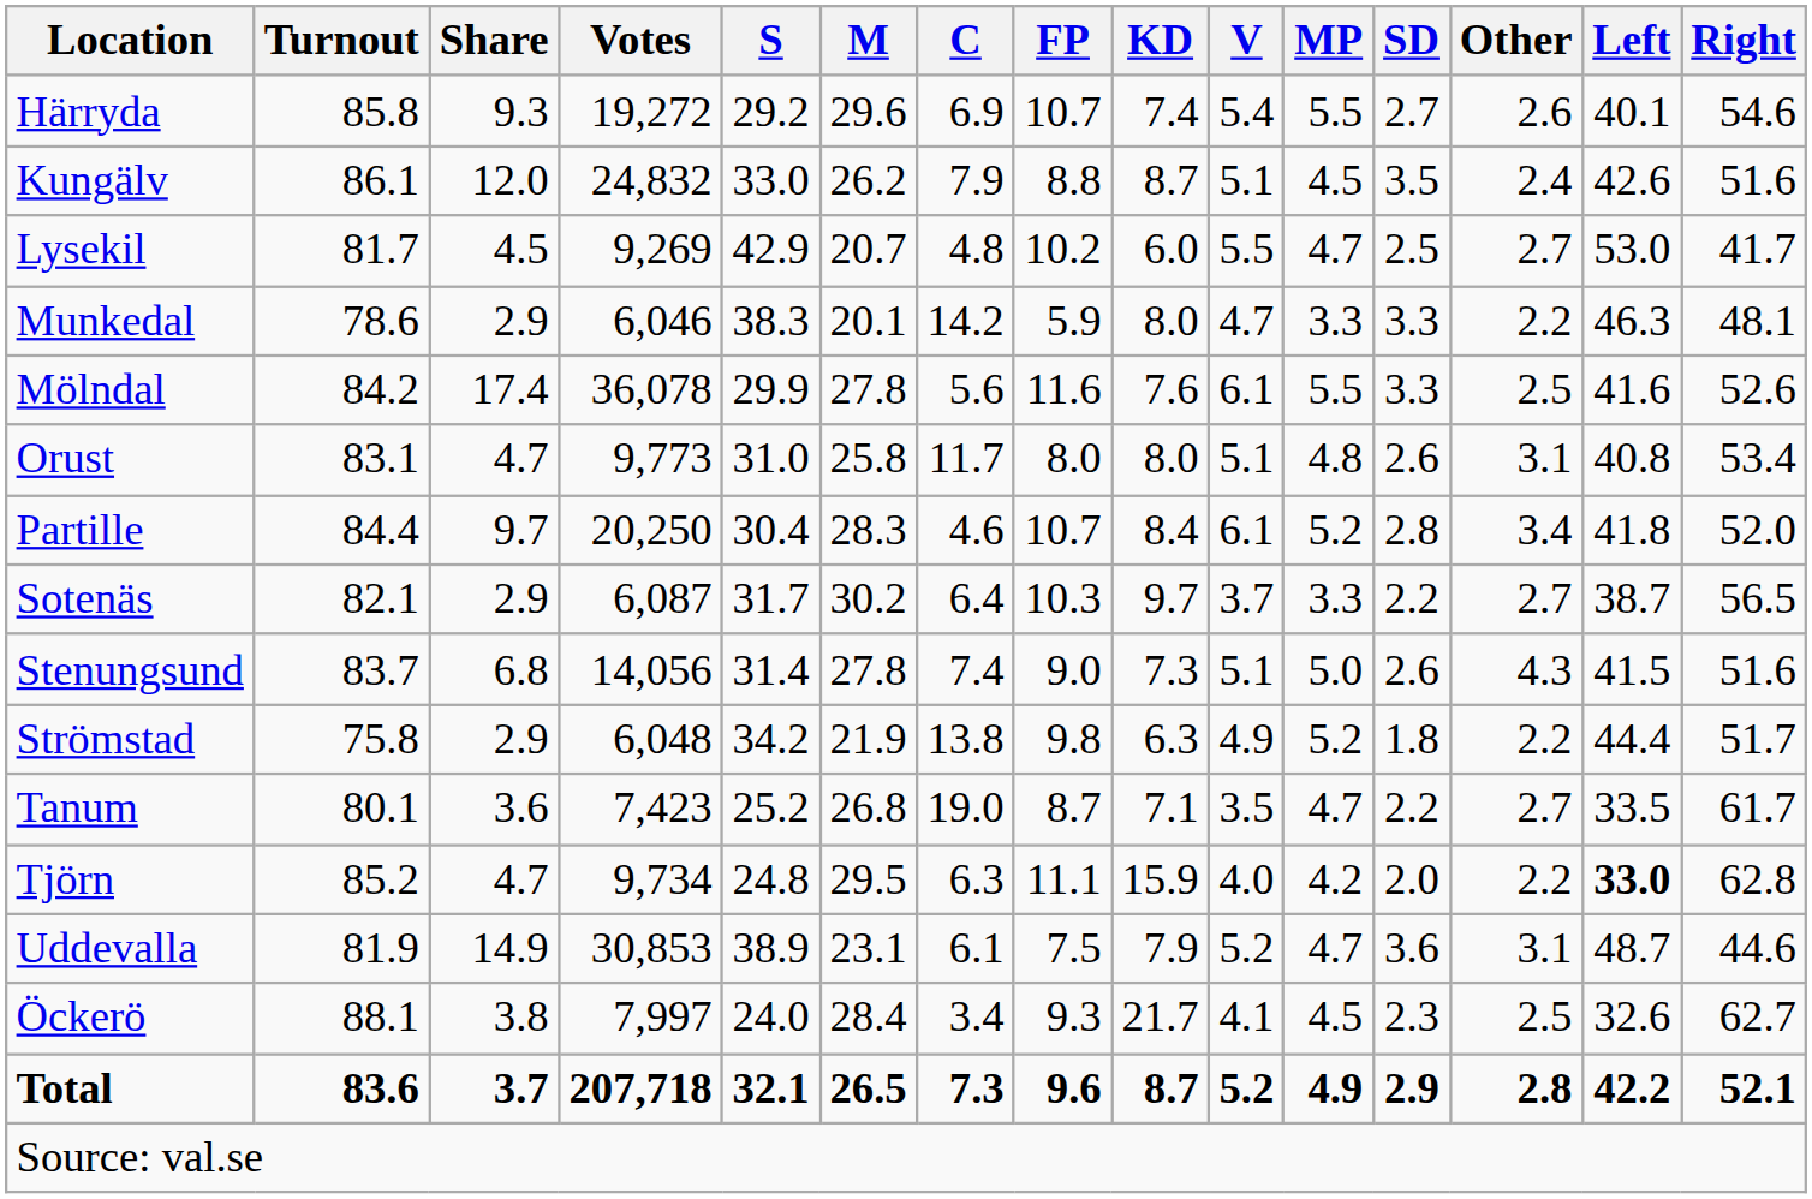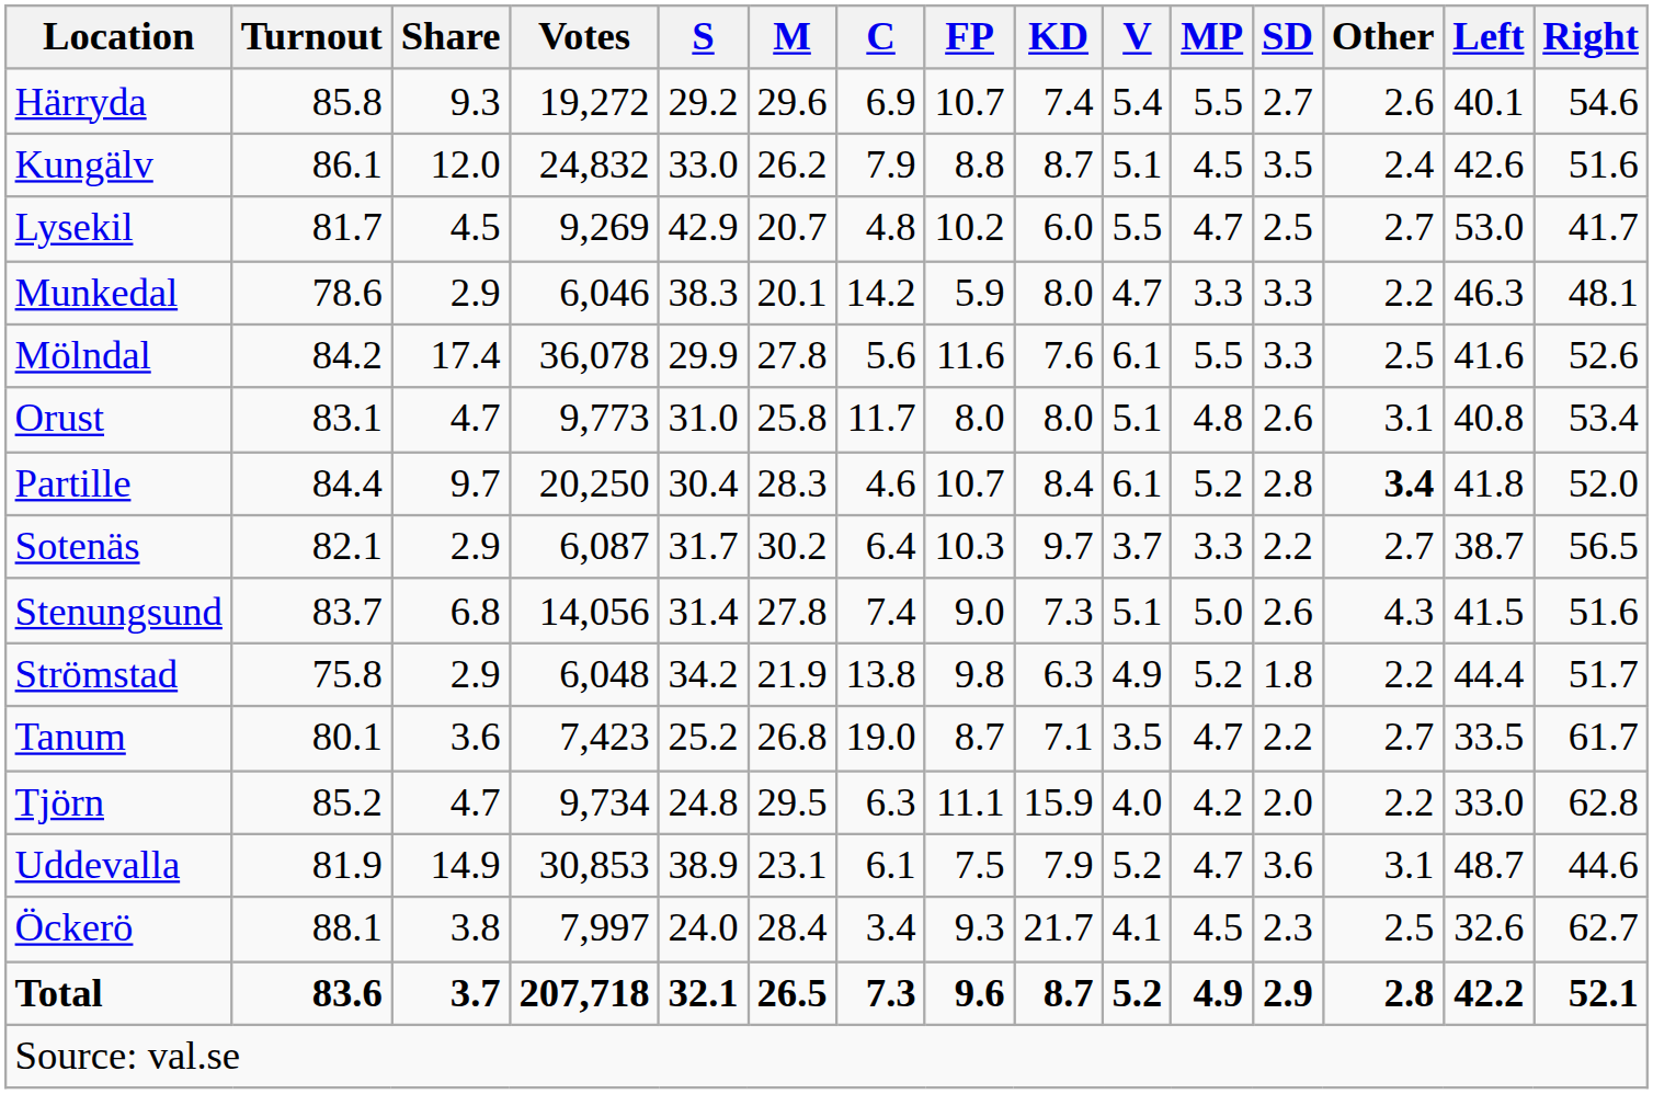 <table class="wikitable sortable" style=text-align:right>
 <tr>
 <th>Location</th>
 <th>Turnout</th>
 <th>Share</th>
 <th>Votes</th>
 <th><a href='#'>S</a></th>
 <th><a href='#'>M</a></th>
 <th><a href='#'>C</a></th>
 <th><a href='#'>FP</a></th>
 <th><a href='#'>KD</a></th>
 <th><a href='#'>V</a></th>
 <th><a href='#'>MP</a></th>
 <th><a href='#'>SD</a></th>
 <th>Other</th>
 <th><a href='#'>Left</a></th>
 <th><a href='#'>Right</a></th>
 </tr>
 <tr>
 <td align=left><a href='#'>Härryda</a></td>
 <td>85.8</td>
 <td>9.3</td>
 <td>19,272</td>
 <td>29.2</td>
 <td>29.6</td>
 <td>6.9</td>
 <td>10.7</td>
 <td>7.4</td>
 <td>5.4</td>
 <td>5.5</td>
 <td>2.7</td>
 <td>2.6</td>
 <td>40.1</td>
 <td>54.6</td>
 </tr>
 <tr>
 <td align=left><a href='#'>Kungälv</a></td>
 <td>86.1</td>
 <td>12.0</td>
 <td>24,832</td>
 <td>33.0</td>
 <td>26.2</td>
 <td>7.9</td>
 <td>8.8</td>
 <td>8.7</td>
 <td>5.1</td>
 <td>4.5</td>
 <td>3.5</td>
 <td>2.4</td>
 <td>42.6</td>
 <td>51.6</td>
 </tr>
 <tr>
 <td align=left><a href='#'>Lysekil</a></td>
 <td>81.7</td>
 <td>4.5</td>
 <td>9,269</td>
 <td>42.9</td>
 <td>20.7</td>
 <td>4.8</td>
 <td>10.2</td>
 <td>6.0</td>
 <td>5.5</td>
 <td>4.7</td>
 <td>2.5</td>
 <td>2.7</td>
 <td>53.0</td>
 <td>41.7</td>
 </tr>
 <tr>
 <td align=left><a href='#'>Munkedal</a></td>
 <td>78.6</td>
 <td>2.9</td>
 <td>6,046</td>
 <td>38.3</td>
 <td>20.1</td>
 <td>14.2</td>
 <td>5.9</td>
 <td>8.0</td>
 <td>4.7</td>
 <td>3.3</td>
 <td>3.3</td>
 <td>2.2</td>
 <td>46.3</td>
 <td>48.1</td>
 </tr>
 <tr>
 <td align=left><a href='#'>Mölndal</a></td>
 <td>84.2</td>
 <td>17.4</td>
 <td>36,078</td>
 <td>29.9</td>
 <td>27.8</td>
 <td>5.6</td>
 <td>11.6</td>
 <td>7.6</td>
 <td>6.1</td>
 <td>5.5</td>
 <td>3.3</td>
 <td>2.5</td>
 <td>41.6</td>
 <td>52.6</td>
 </tr>
 <tr>
 <td align=left><a href='#'>Orust</a></td>
 <td>83.1</td>
 <td>4.7</td>
 <td>9,773</td>
 <td>31.0</td>
 <td>25.8</td>
 <td>11.7</td>
 <td>8.0</td>
 <td>8.0</td>
 <td>5.1</td>
 <td>4.8</td>
 <td>2.6</td>
 <td>3.1</td>
 <td>40.8</td>
 <td>53.4</td>
 </tr>
 <tr>
 <td align=left><a href='#'>Partille</a></td>
 <td>84.4</td>
 <td>9.7</td>
 <td>20,250</td>
 <td>30.4</td>
 <td>28.3</td>
 <td>4.6</td>
 <td>10.7</td>
 <td>8.4</td>
 <td>6.1</td>
 <td>5.2</td>
 <td>2.8</td>
-<td>3.4</td>
+<td><strong>3.4</strong></td>
 <td>41.8</td>
 <td>52.0</td>
 </tr>
 <tr>
 <td align=left><a href='#'>Sotenäs</a></td>
 <td>82.1</td>
 <td>2.9</td>
 <td>6,087</td>
 <td>31.7</td>
 <td>30.2</td>
 <td>6.4</td>
 <td>10.3</td>
 <td>9.7</td>
 <td>3.7</td>
 <td>3.3</td>
 <td>2.2</td>
 <td>2.7</td>
 <td>38.7</td>
 <td>56.5</td>
 </tr>
 <tr>
 <td align=left><a href='#'>Stenungsund</a></td>
 <td>83.7</td>
 <td>6.8</td>
 <td>14,056</td>
 <td>31.4</td>
 <td>27.8</td>
 <td>7.4</td>
 <td>9.0</td>
 <td>7.3</td>
 <td>5.1</td>
 <td>5.0</td>
 <td>2.6</td>
 <td>4.3</td>
 <td>41.5</td>
 <td>51.6</td>
 </tr>
 <tr>
 <td align=left><a href='#'>Strömstad</a></td>
 <td>75.8</td>
 <td>2.9</td>
 <td>6,048</td>
 <td>34.2</td>
 <td>21.9</td>
 <td>13.8</td>
 <td>9.8</td>
 <td>6.3</td>
 <td>4.9</td>
 <td>5.2</td>
 <td>1.8</td>
 <td>2.2</td>
 <td>44.4</td>
 <td>51.7</td>
 </tr>
 <tr>
 <td align=left><a href='#'>Tanum</a></td>
 <td>80.1</td>
 <td>3.6</td>
 <td>7,423</td>
 <td>25.2</td>
 <td>26.8</td>
 <td>19.0</td>
 <td>8.7</td>
 <td>7.1</td>
 <td>3.5</td>
 <td>4.7</td>
 <td>2.2</td>
 <td>2.7</td>
 <td>33.5</td>
 <td>61.7</td>
 </tr>
 <tr>
 <td align=left><a href='#'>Tjörn</a></td>
 <td>85.2</td>
 <td>4.7</td>
 <td>9,734</td>
 <td>24.8</td>
 <td>29.5</td>
 <td>6.3</td>
 <td>11.1</td>
 <td>15.9</td>
 <td>4.0</td>
 <td>4.2</td>
 <td>2.0</td>
 <td>2.2</td>
-<td><strong>33.0</strong></td>
+<td>33.0</td>
 <td>62.8</td>
 </tr>
 <tr>
 <td align=left><a href='#'>Uddevalla</a></td>
 <td>81.9</td>
 <td>14.9</td>
 <td>30,853</td>
 <td>38.9</td>
 <td>23.1</td>
 <td>6.1</td>
 <td>7.5</td>
 <td>7.9</td>
 <td>5.2</td>
 <td>4.7</td>
 <td>3.6</td>
 <td>3.1</td>
 <td>48.7</td>
 <td>44.6</td>
 </tr>
 <tr>
 <td align=left><a href='#'>Öckerö</a></td>
 <td>88.1</td>
 <td>3.8</td>
 <td>7,997</td>
 <td>24.0</td>
 <td>28.4</td>
 <td>3.4</td>
 <td>9.3</td>
 <td>21.7</td>
 <td>4.1</td>
 <td>4.5</td>
 <td>2.3</td>
 <td>2.5</td>
 <td>32.6</td>
 <td>62.7</td>
 </tr>
 <tr>
 <td align=left><strong>Total</strong></td>
 <td><strong>83.6</strong></td>
 <td><strong>3.7</strong></td>
 <td><strong>207,718</strong></td>
 <td><strong>32.1</strong></td>
 <td><strong>26.5</strong></td>
 <td><strong>7.3</strong></td>
 <td><strong>9.6</strong></td>
 <td><strong>8.7</strong></td>
 <td><strong>5.2</strong></td>
 <td><strong>4.9</strong></td>
 <td><strong>2.9</strong></td>
 <td><strong>2.8</strong></td>
 <td><strong>42.2</strong></td>
 <td><strong>52.1</strong></td>
 </tr>
 <tr>
 <td align=left colspan=15>Source: val.se </td>
 </tr>
 </table>
